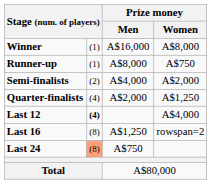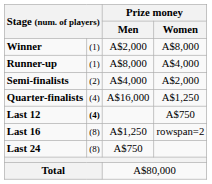 <table class="wikitable">
 <tr>
 <th rowspan=2 colspan=2 style="text-align: center;">Stage <small>(num. of players)</small></th>
 <th colspan=4>Prize money</th>
 </tr>
 <tr>
 <th width=70px>Men</th>
 <th width=70px>Women</th>
 </tr>
 <tr>
 <td><strong>Winner</strong></td>
 <td align=center><small>(1)</small></td>
-<td align=center>A$16,000</td>
+<td align=center>A$2,000</td>
 <td align=center>A$8,000</td>
 </tr>
 <tr>
 <td><strong>Runner-up</strong></td>
 <td align=center><small>(1)</small></td>
 <td align=center>A$8,000</td>
-<td align=center>A$750</td>
+<td align=center>A$4,000</td>
 </tr>
 <tr>
 <td><strong>Semi-finalists</strong></td>
 <td align=center><small>(2)</small></td>
 <td align=center>A$4,000</td>
 <td align=center>A$2,000</td>
 </tr>
 <tr>
 <td><strong>Quarter-finalists</strong></td>
 <td align=center><small>(4)</small></td>
-<td align=center>A$2,000</td>
+<td align=center>A$16,000</td>
 <td align=center>A$1,250</td>
 </tr>
 <tr>
 <td><strong>Last 12</strong></td>
 <td align=center><strong><small>(4)</small></strong></td>
 <td></td>
-<td align=center>A$4,000</td>
+<td align=center>A$750</td>
 </tr>
 <tr>
 <td><strong>Last 16</strong></td>
 <td align=center><small>(8)</small></td>
 <td align=center>A$1,250</td>
 <td>rowspan=2 </td>
 </tr>
 <tr>
 <td><strong>Last 24</strong></td>
-<td align=center style="background: lightsalmon;"><small>(8)</small></td>
+<td align=center><small>(8)</small></td>
 <td align=center>A$750</td>
 </tr>
 <tr>
 <th colspan=4></th>
 </tr>
 <tr>
 <th colspan=2>Total</th>
 <td align=center colspan=2>A$80,000</td>
 </tr>
 </table>
